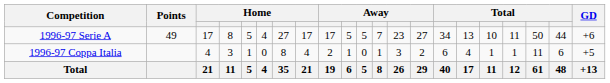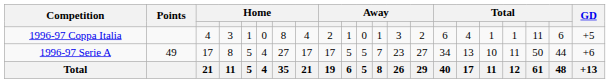 <table class="wikitable" style="width:100%;margin:auto;clear:both;text-align:center;">
 <tr>
 <th rowspan="2">Competition</th>
 <th rowspan="2">Points</th>
 <th colspan="6">Home</th>
 <th colspan="6">Away</th>
 <th colspan="6">Total</th>
 <th rowspan="2"><a href='#'>GD</a></th>
 </tr>
 <tr>
 <th></th>
 <th></th>
 <th></th>
 <th></th>
 <th></th>
 <th></th>
 <th></th>
 <th></th>
 <th></th>
 <th></th>
 <th></th>
 <th></th>
 <th></th>
 <th></th>
 <th></th>
 <th></th>
 <th></th>
 <th></th>
 </tr>
 <tr>
+<td><a href='#'>1996-97 Coppa Italia</a></td>
+<td></td>
+<td>4</td>
+<td>3</td>
+<td>1</td>
+<td>0</td>
+<td>8</td>
+<td>4</td>
+<td>2</td>
+<td>1</td>
+<td>0</td>
+<td>1</td>
+<td>3</td>
+<td>2</td>
+<td>6</td>
+<td>4</td>
+<td>1</td>
+<td>1</td>
+<td>11</td>
+<td>6</td>
+<td>+5</td>
+</tr>
+<tr>
 <td><a href='#'>1996-97 Serie A</a></td>
 <td>49</td>
 <td>17</td>
 <td>8</td>
 <td>5</td>
 <td>4</td>
 <td>27</td>
 <td>17</td>
 <td>17</td>
 <td>5</td>
 <td>5</td>
 <td>7</td>
 <td>23</td>
 <td>27</td>
 <td>34</td>
 <td>13</td>
 <td>10</td>
 <td>11</td>
 <td>50</td>
 <td>44</td>
 <td>+6</td>
-</tr>
-<tr>
-<td><a href='#'>1996-97 Coppa Italia</a></td>
-<td></td>
-<td>4</td>
-<td>3</td>
-<td>1</td>
-<td>0</td>
-<td>8</td>
-<td>4</td>
-<td>2</td>
-<td>1</td>
-<td>0</td>
-<td>1</td>
-<td>3</td>
-<td>2</td>
-<td>6</td>
-<td>4</td>
-<td>1</td>
-<td>1</td>
-<td>11</td>
-<td>6</td>
-<td>+5</td>
 </tr>
 <tr>
 <th>Total</th>
 <th></th>
 <th>21</th>
 <th>11</th>
 <th>5</th>
 <th>4</th>
 <th>35</th>
 <th>21</th>
 <th>19</th>
 <th>6</th>
 <th>5</th>
 <th>8</th>
 <th>26</th>
 <th>29</th>
 <th>40</th>
 <th>17</th>
 <th>11</th>
 <th>12</th>
 <th>61</th>
 <th>48</th>
 <th>+13</th>
 </tr>
 </table>
